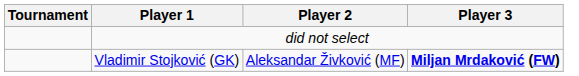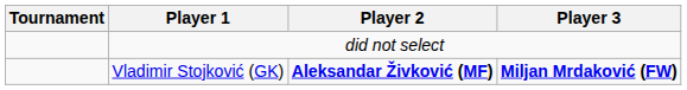 <table class="wikitable">
 <tr>
 <th>Tournament</th>
 <th>Player 1</th>
 <th>Player 2</th>
 <th>Player 3</th>
 </tr>
 <tr>
 <td></td>
 <td colspan="3" align="center"><em>did not select</em></td>
 </tr>
 <tr>
 <td></td>
 <td><a href='#'>Vladimir Stojković</a> (<a href='#'>GK</a>)</td>
-<td><a href='#'>Aleksandar Živković</a>  (<a href='#'>MF</a>)</td>
+<td><strong><a href='#'>Aleksandar Živković</a>  (<a href='#'>MF</a>)</strong></td>
 <td><strong><a href='#'>Miljan Mrdaković</a> (<a href='#'>FW</a>)</strong></td>
 </tr>
 </table>
